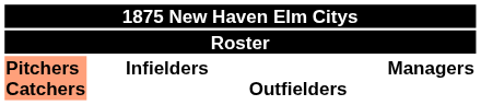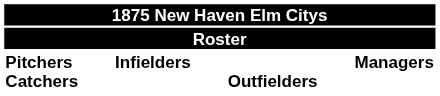 <table class="toccolours" style="font-size: 95%;">
 <tr>
 <th colspan="10" style="background-color: black; color:white; text-align: center;">1875 New Haven Elm Citys</th>
 </tr>
 <tr>
 <td colspan="10" style="background-color:black; color: white; text-align: center;"><strong>Roster</strong></td>
 </tr>
 <tr>
-<td valign="top" style="background: lightsalmon;"><strong>Pitchers</strong><br>  <strong>Catchers</strong>    </td>
+<td valign="top"><strong>Pitchers</strong><br>  <strong>Catchers</strong>    </td>
 <td width="25px"></td>
 <td valign="top"><strong>Infielders</strong><br>           </td>
 <td width="25px"></td>
 <td valign="top"><br><strong>Outfielders</strong>       </td>
 <td width="25px"></td>
 <td valign="top"><strong>Managers</strong><br>  </td>
 </tr>
 </table>
